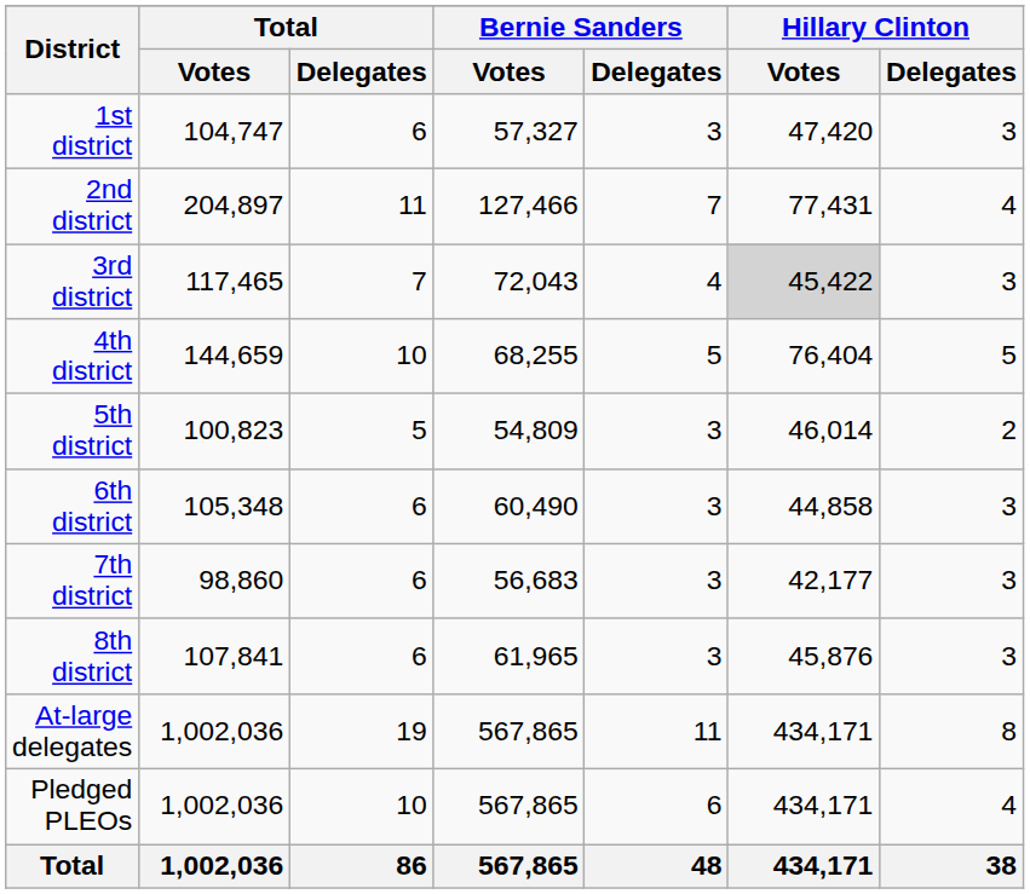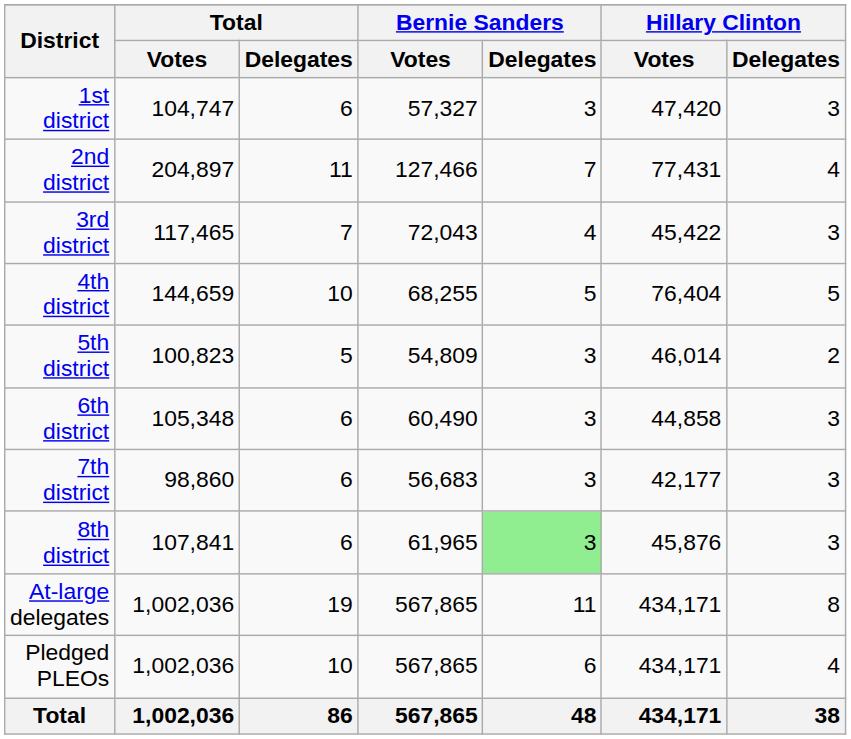 <table class=wikitable style="text-align:right">
 <tr>
 </tr>
 <tr>
 <th rowspan=2 style="width:45px;">District</th>
 <th colspan=2 style="width:80px;">Total</th>
 <th colspan=2 style="width:80px;"><a href='#'>Bernie Sanders</a></th>
 <th colspan=2 style="width:80px;"><a href='#'>Hillary Clinton</a></th>
 </tr>
 <tr>
 <th style="width:80px;">Votes</th>
 <th style="width:60px;">Delegates</th>
 <th style="width:80px;">Votes</th>
 <th style="width:60px;">Delegates</th>
 <th style="width:80px;">Votes</th>
 <th style="width:60px;">Delegates</th>
 </tr>
 <tr>
 <td><a href='#'>1st district</a></td>
 <td>104,747</td>
 <td>6</td>
 <td>57,327</td>
 <td>3</td>
 <td>47,420</td>
 <td>3</td>
 </tr>
 <tr>
 <td><a href='#'>2nd district</a></td>
 <td>204,897</td>
 <td>11</td>
 <td>127,466</td>
 <td>7</td>
 <td>77,431</td>
 <td>4</td>
 </tr>
 <tr>
 <td><a href='#'>3rd district</a></td>
 <td>117,465</td>
 <td>7</td>
 <td>72,043</td>
 <td>4</td>
-<td style="background: lightgrey;">45,422</td>
+<td>45,422</td>
 <td>3</td>
 </tr>
 <tr>
 <td><a href='#'>4th district</a></td>
 <td>144,659</td>
 <td>10</td>
 <td>68,255</td>
 <td>5</td>
 <td>76,404</td>
 <td>5</td>
 </tr>
 <tr>
 <td><a href='#'>5th district</a></td>
 <td>100,823</td>
 <td>5</td>
 <td>54,809</td>
 <td>3</td>
 <td>46,014</td>
 <td>2</td>
 </tr>
 <tr>
 <td><a href='#'>6th district</a></td>
 <td>105,348</td>
 <td>6</td>
 <td>60,490</td>
 <td>3</td>
 <td>44,858</td>
 <td>3</td>
 </tr>
 <tr>
 <td><a href='#'>7th district</a></td>
 <td>98,860</td>
 <td>6</td>
 <td>56,683</td>
 <td>3</td>
 <td>42,177</td>
 <td>3</td>
 </tr>
 <tr>
 <td><a href='#'>8th district</a></td>
 <td>107,841</td>
 <td>6</td>
 <td>61,965</td>
-<td>3</td>
+<td style="background: lightgreen;">3</td>
 <td>45,876</td>
 <td>3</td>
 </tr>
 <tr>
 <td><a href='#'>At-large</a> delegates</td>
 <td>1,002,036</td>
 <td>19</td>
 <td>567,865</td>
 <td>11</td>
 <td>434,171</td>
 <td>8</td>
 </tr>
 <tr>
 <td>Pledged PLEOs</td>
 <td>1,002,036</td>
 <td>10</td>
 <td>567,865</td>
 <td>6</td>
 <td>434,171</td>
 <td>4</td>
 </tr>
 <tr>
 <th>Total</th>
 <th style="text-align:right">1,002,036</th>
 <th style="text-align:right">86</th>
 <th style="text-align:right">567,865</th>
 <th style="text-align:right">48</th>
 <th style="text-align:right">434,171</th>
 <th style="text-align:right">38</th>
 </tr>
 </table>
